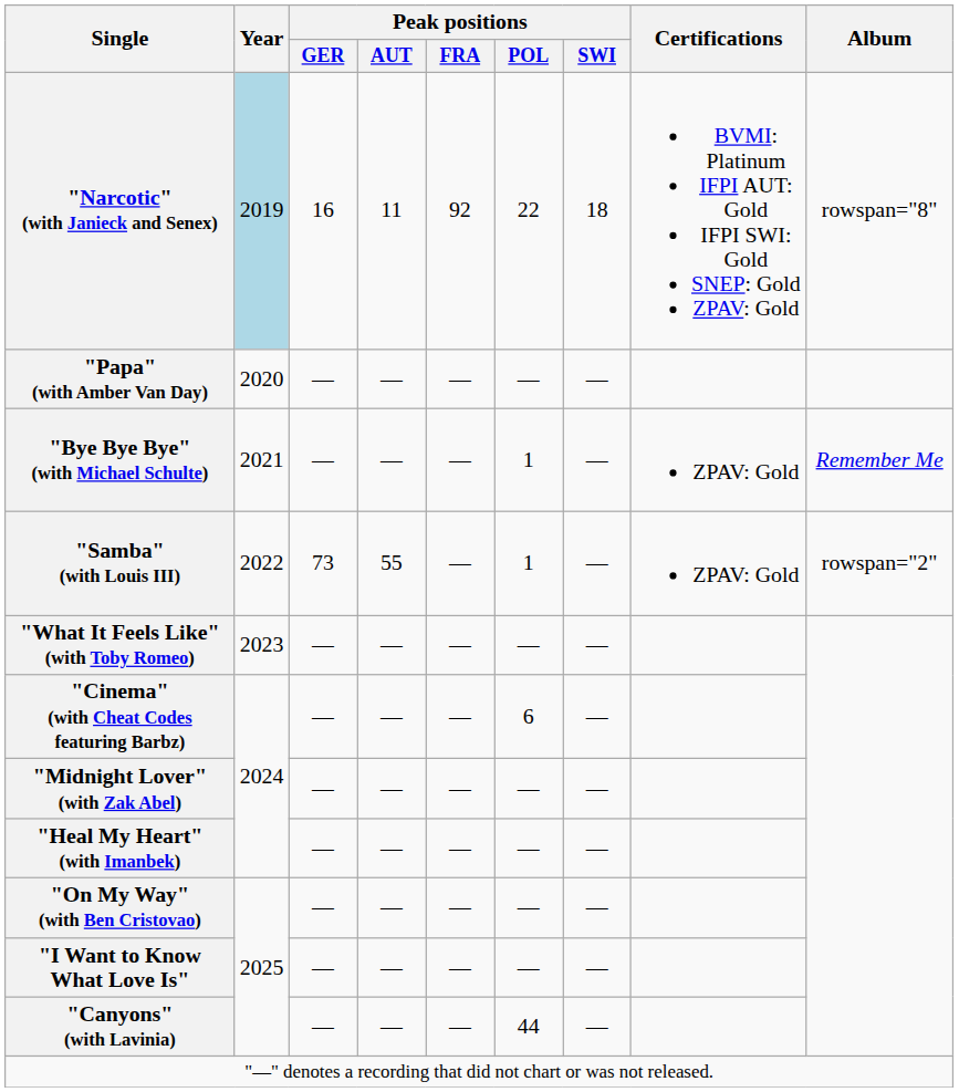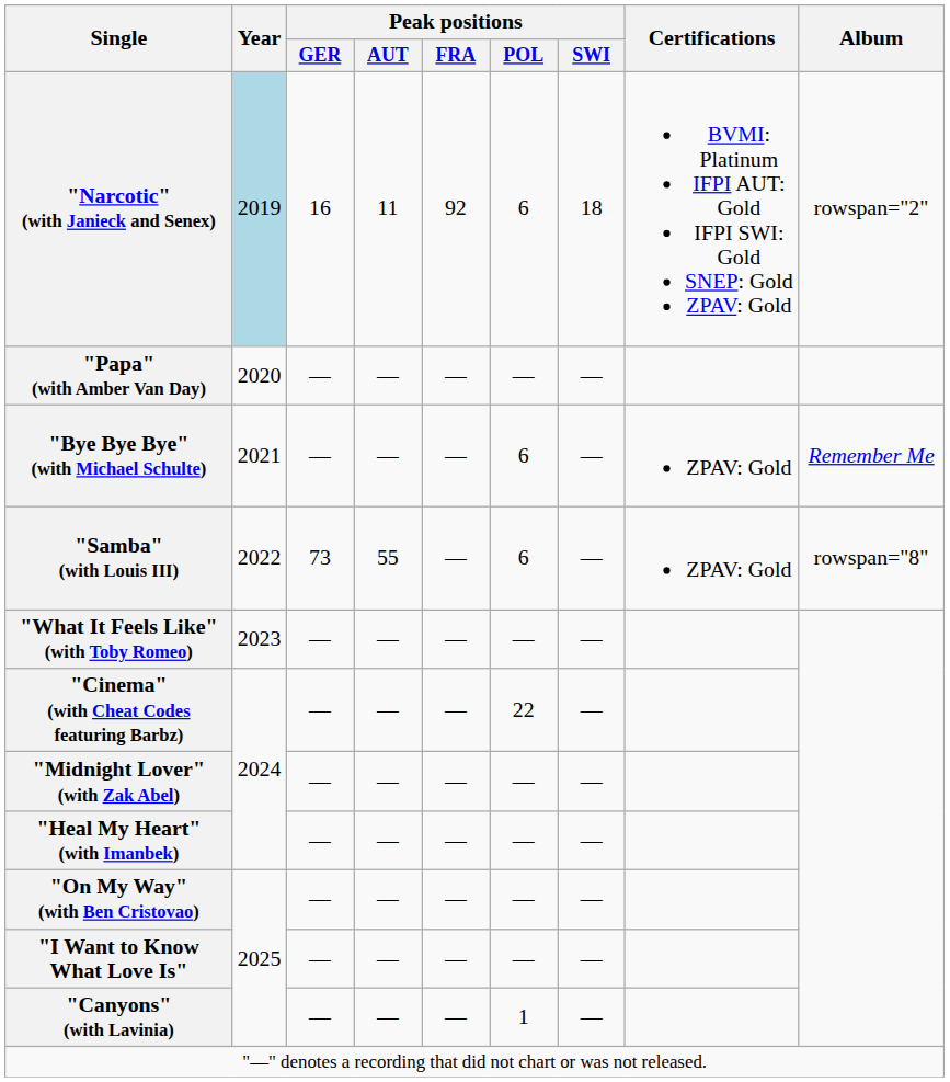 <table class="wikitable plainrowheaders" style="text-align:center">
 <tr>
 <th rowspan="2" width="160">Single</th>
 <th rowspan="2" width="10">Year</th>
 <th colspan="5" width="20">Peak positions</th>
 <th rowspan="2" width="120">Certifications</th>
 <th rowspan="2" width="100">Album</th>
 </tr>
 <tr>
 <th scope="col" style="width:3em;font-size:90%;"><a href='#'>GER</a><br></th>
 <th scope="col" style="width:3em;font-size:90%;"><a href='#'>AUT</a><br></th>
 <th scope="col" style="width:3em;font-size:90%;"><a href='#'>FRA</a><br></th>
 <th scope="col" style="width:3em;font-size:90%;"><a href='#'>POL</a><br></th>
 <th scope="col" style="width:3em;font-size:90%;"><a href='#'>SWI</a><br></th>
 </tr>
 <tr>
 <th scope="row">"<a href='#'>Narcotic</a>" <br><small>(with <a href='#'>Janieck</a> and Senex)</small></th>
 <td style="background: lightblue;">2019</td>
 <td>16</td>
 <td>11</td>
 <td>92</td>
-<td>22</td>
+<td>6</td>
 <td>18</td>
 <td><br><ul><li><a href='#'>BVMI</a>: Platinum</li><li><a href='#'>IFPI</a> AUT: Gold</li><li>IFPI SWI: Gold</li><li><a href='#'>SNEP</a>: Gold</li><li><a href='#'>ZPAV</a>: Gold</li></ul></td>
-<td>rowspan="8" </td>
+<td>rowspan="2" </td>
 </tr>
 <tr>
 <th scope="row">"Papa"<br><small>(with Amber Van Day)</small></th>
 <td>2020</td>
 <td>—</td>
 <td>—</td>
 <td>—</td>
 <td>—</td>
 <td>—</td>
 <td></td>
 </tr>
 <tr>
 <th scope="row">"Bye Bye Bye"<br><small>(with <a href='#'>Michael Schulte</a>)</small></th>
 <td>2021</td>
 <td>—</td>
 <td>—</td>
 <td>—</td>
-<td>1</td>
+<td>6</td>
 <td>—</td>
 <td><br><ul><li>ZPAV: Gold</li></ul></td>
 <td><em><a href='#'>Remember Me</a></em></td>
 </tr>
 <tr>
 <th scope="row">"Samba"<br><small>(with Louis III)</small></th>
 <td>2022</td>
 <td>73</td>
 <td>55</td>
 <td>—</td>
-<td>1</td>
+<td>6</td>
 <td>—</td>
 <td><br><ul><li>ZPAV: Gold</li></ul></td>
-<td>rowspan="2" </td>
+<td>rowspan="8" </td>
 </tr>
 <tr>
 <th scope="row">"What It Feels Like"<br><small>(with <a href='#'>Toby Romeo</a>)</small></th>
 <td>2023</td>
 <td>—</td>
 <td>—</td>
 <td>—</td>
 <td>—</td>
 <td>—</td>
 <td></td>
 </tr>
 <tr>
 <th scope="row">"Cinema"<br><small>(with <a href='#'>Cheat Codes</a> featuring Barbz)</small></th>
 <td rowspan="3">2024</td>
 <td>—</td>
 <td>—</td>
 <td>—</td>
-<td>6</td>
+<td>22</td>
 <td>—</td>
 <td></td>
 </tr>
 <tr>
 <th scope="row">"Midnight Lover"<br><small>(with <a href='#'>Zak Abel</a>)</small></th>
 <td>—</td>
 <td>—</td>
 <td>—</td>
 <td>—</td>
 <td>—</td>
 <td></td>
 </tr>
 <tr>
 <th scope="row">"Heal My Heart"<br><small>(with <a href='#'>Imanbek</a>)</small></th>
 <td>—</td>
 <td>—</td>
 <td>—</td>
 <td>—</td>
 <td>—</td>
 <td></td>
 </tr>
 <tr>
 <th scope="row">"On My Way"<br><small>(with <a href='#'>Ben Cristovao</a>)</small></th>
 <td rowspan="3">2025</td>
 <td>—</td>
 <td>—</td>
 <td>—</td>
 <td>—</td>
 <td>—</td>
 <td></td>
 </tr>
 <tr>
 <th scope="row">"I Want to Know What Love Is"</th>
 <td>—</td>
 <td>—</td>
 <td>—</td>
 <td>—</td>
 <td>—</td>
 <td></td>
 </tr>
 <tr>
 <th scope="row">"Canyons"<br><small>(with Lavinia)</small></th>
 <td>—</td>
 <td>—</td>
 <td>—</td>
-<td>44</td>
+<td>1</td>
 <td>—</td>
 <td></td>
 </tr>
 <tr>
 <td colspan="12" style="font-size:85%">"—" denotes a recording that did not chart or was not released.</td>
 </tr>
 </table>
